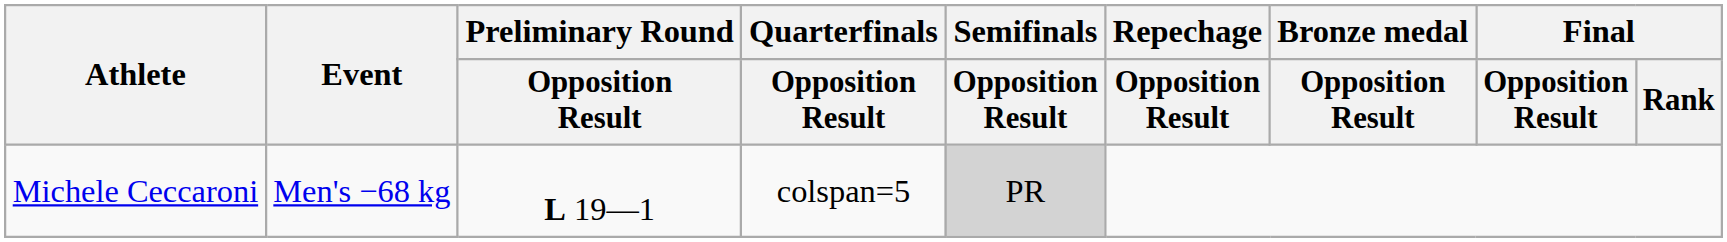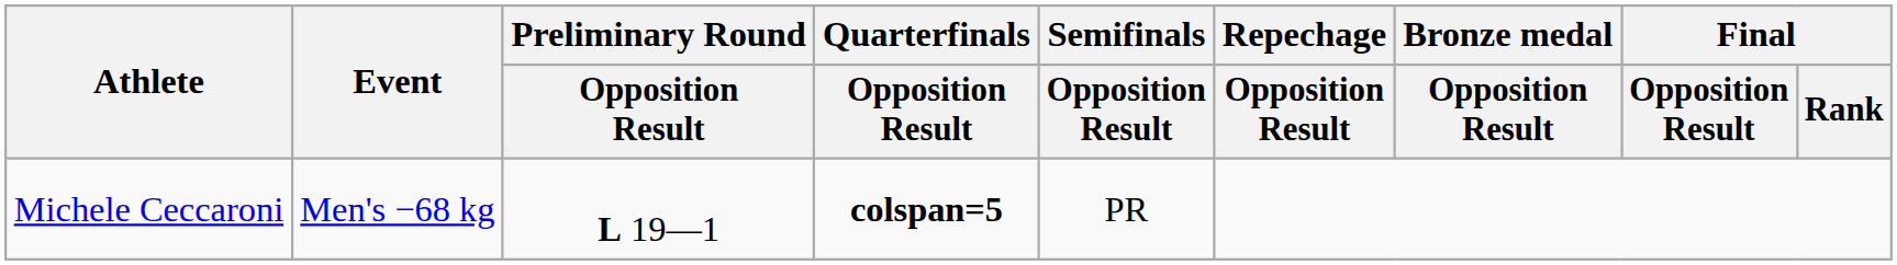 <table class="wikitable" style="font-size:90%;">
 <tr>
 <th rowspan=2>Athlete</th>
 <th rowspan=2>Event</th>
 <th>Preliminary Round</th>
 <th>Quarterfinals</th>
 <th>Semifinals</th>
 <th>Repechage</th>
 <th>Bronze medal</th>
 <th colspan=2>Final</th>
 </tr>
 <tr style="font-size:95%">
 <th>Opposition<br>Result</th>
 <th>Opposition<br>Result</th>
 <th>Opposition<br>Result</th>
 <th>Opposition<br>Result</th>
 <th>Opposition<br>Result</th>
 <th>Opposition<br>Result</th>
 <th>Rank</th>
 </tr>
 <tr align=center>
 <td align=left><a href='#'>Michele Ceccaroni</a></td>
 <td align=left><a href='#'>Men's −68 kg</a></td>
 <td> <br> <strong>L</strong> 19—1</td>
-<td>colspan=5 </td>
-<td style="background: lightgrey;">PR</td>
+<td><strong>colspan=5 </strong></td>
+<td>PR</td>
 </tr>
 </table>
